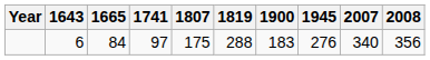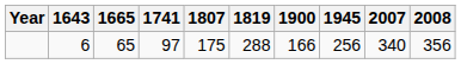 <table - class="wikitable">
 <tr>
 <th>Year</th>
 <th>1643</th>
 <th>1665</th>
 <th>1741</th>
 <th>1807</th>
 <th>1819</th>
 <th>1900</th>
 <th>1945</th>
 <th>2007</th>
 <th>2008</th>
 </tr>
 <tr>
 <td align="right"></td>
 <td align="right">6</td>
-<td align="right">84</td>
+<td align="right">65</td>
 <td align="right">97</td>
 <td align="right">175</td>
 <td align="right">288</td>
-<td align="right">183</td>
-<td align="right">276</td>
+<td align="right">166</td>
+<td align="right">256</td>
 <td align="right">340</td>
 <td align="right">356</td>
 </tr>
 </table>
